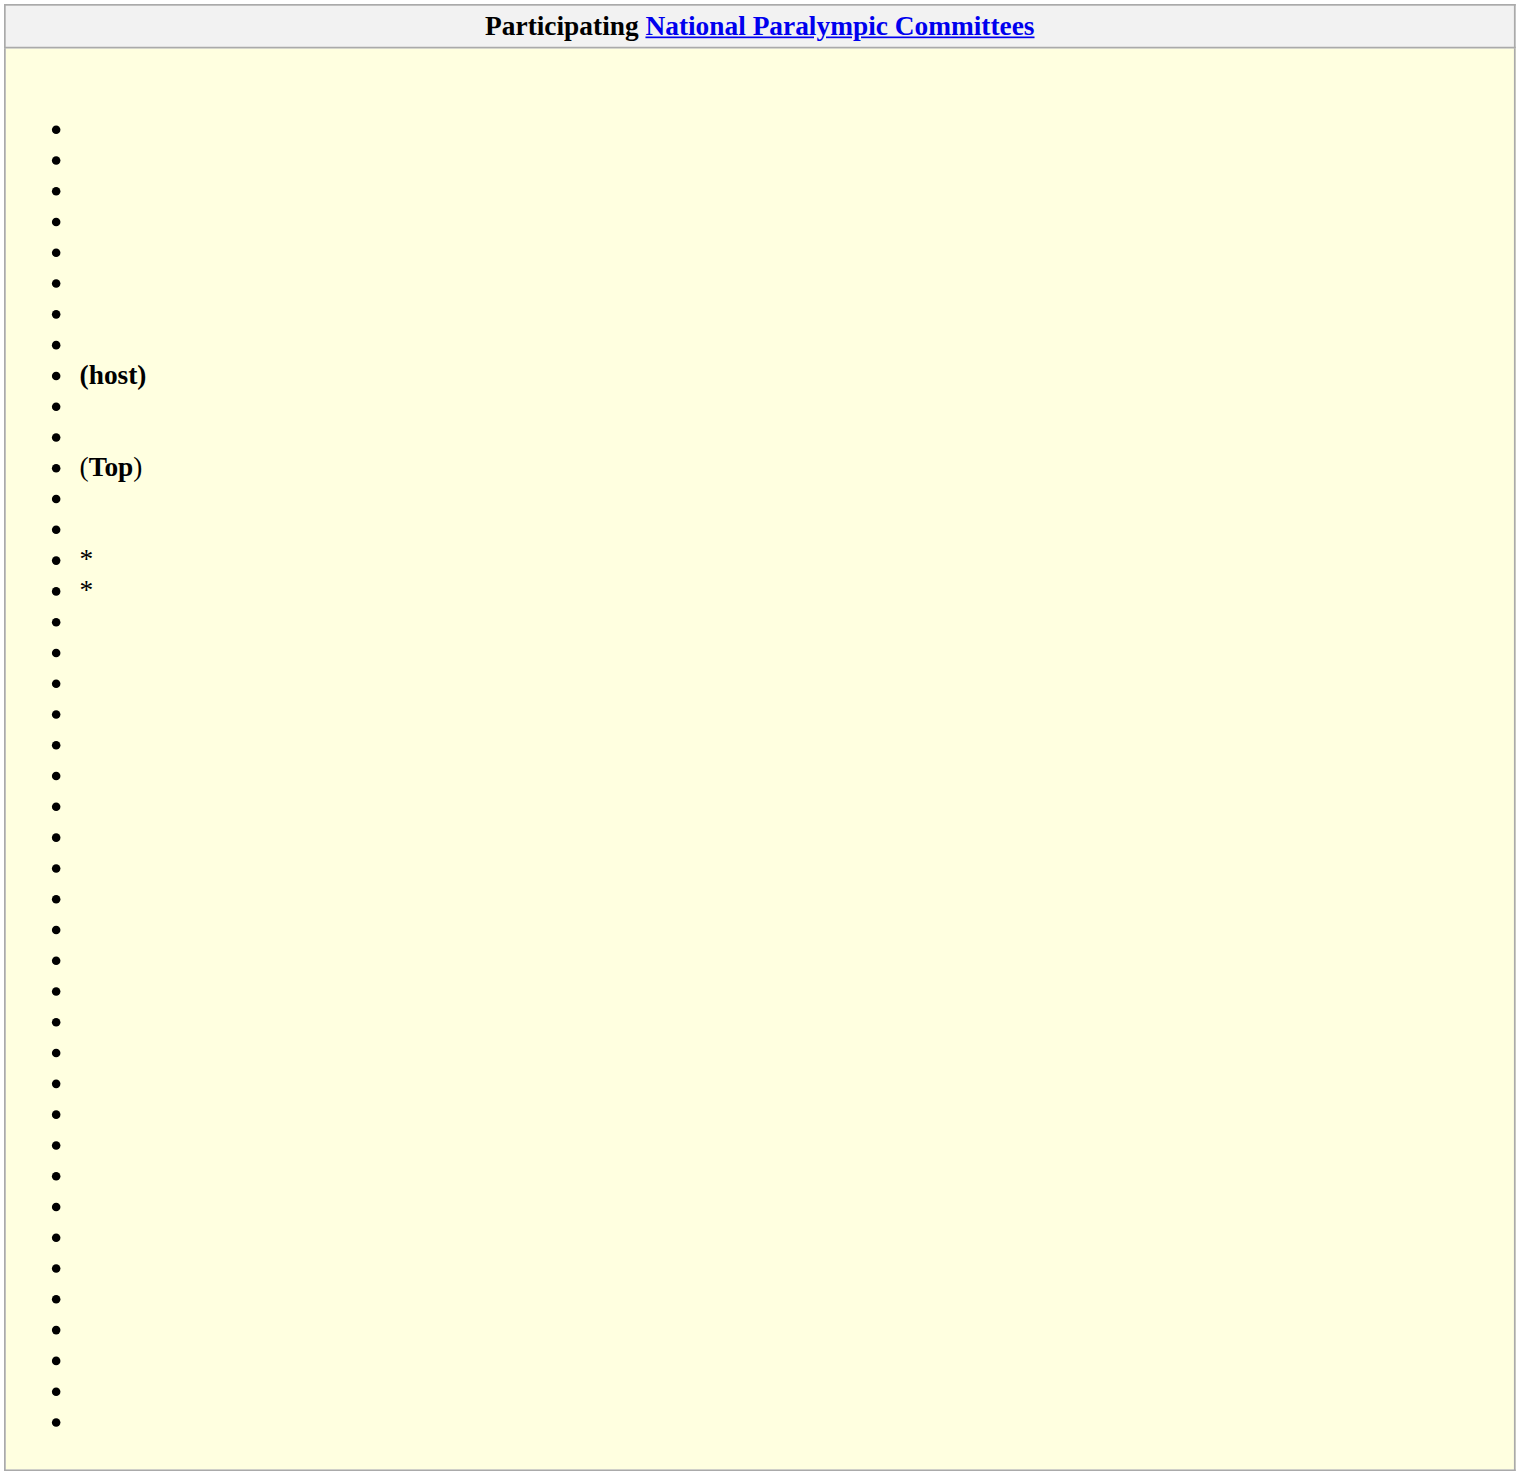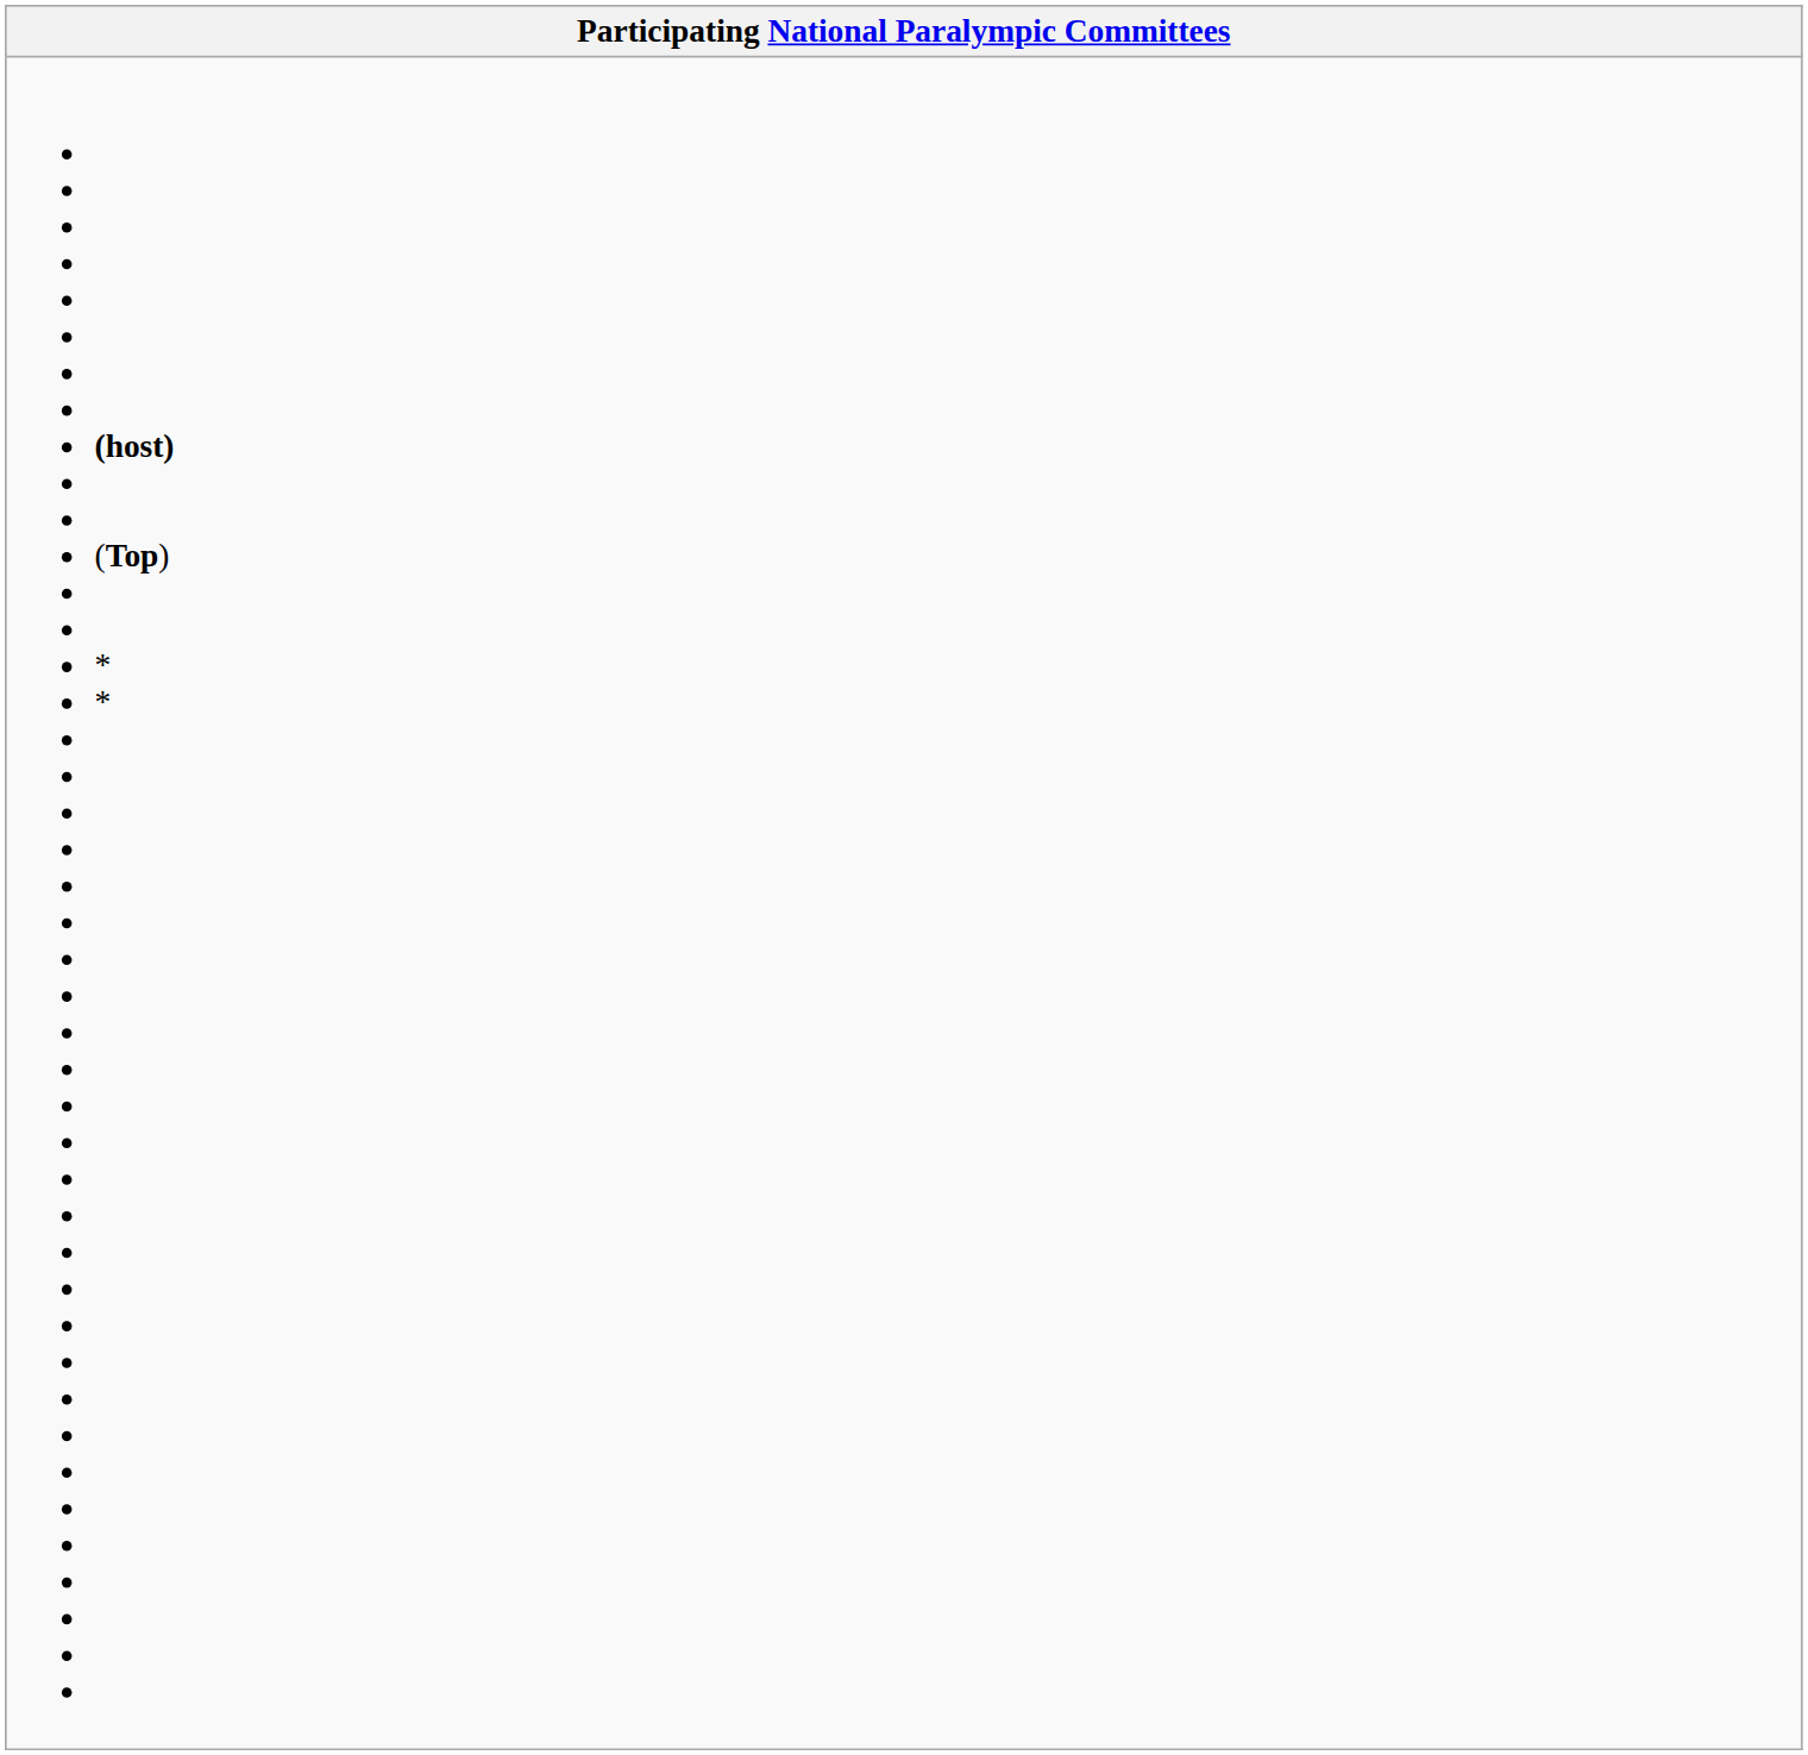 <table class="wikitable collapsible" style="width:100%;">
 <tr>
 <th>Participating <a href='#'>National Paralympic Committees</a></th>
 </tr>
 <tr>
-<td style="background: lightyellow;"><br><ul><li></li><li></li><li></li><li></li><li></li><li></li><li></li><li></li><li> <strong>(host)</strong></li><li></li><li></li><li> (<strong>Top</strong>)</li><li></li><li></li><li>*</li><li>*</li><li></li><li></li><li></li><li></li><li></li><li></li><li></li><li></li><li></li><li></li><li></li><li></li><li></li><li></li><li></li><li></li><li></li><li></li><li></li><li></li><li></li><li></li><li></li><li></li><li></li><li></li><li></li></ul></td>
+<td><br><ul><li></li><li></li><li></li><li></li><li></li><li></li><li></li><li></li><li> <strong>(host)</strong></li><li></li><li></li><li> (<strong>Top</strong>)</li><li></li><li></li><li>*</li><li>*</li><li></li><li></li><li></li><li></li><li></li><li></li><li></li><li></li><li></li><li></li><li></li><li></li><li></li><li></li><li></li><li></li><li></li><li></li><li></li><li></li><li></li><li></li><li></li><li></li><li></li><li></li><li></li></ul></td>
 </tr>
 </table>
